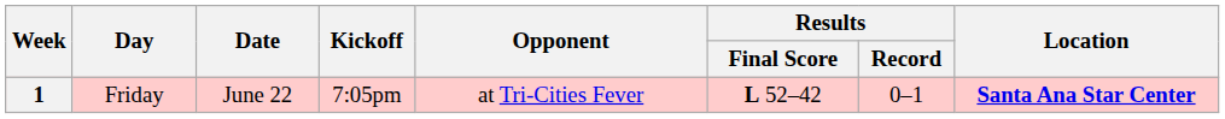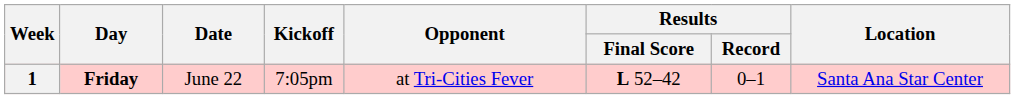 <table class="wikitable">
 <tr>
 <th rowspan="2" width="40">Week</th>
 <th rowspan="2" width="80">Day</th>
 <th rowspan="2" width="80">Date</th>
 <th rowspan="2" width="60">Kickoff</th>
 <th rowspan="2" width="200">Opponent</th>
 <th colspan="2" width="160">Results</th>
 <th rowspan="2" width="180">Location</th>
 </tr>
 <tr>
 <th width="100">Final Score</th>
 <th width="60">Record</th>
 </tr>
 <tr align="center" bgcolor="#FFCCCC">
 <th>1</th>
-<td>Friday</td>
+<td><strong>Friday</strong></td>
 <td>June 22</td>
 <td>7:05pm</td>
 <td>at <a href='#'>Tri-Cities Fever</a></td>
 <td><strong>L</strong> 52–42</td>
 <td>0–1</td>
-<td><strong><a href='#'>Santa Ana Star Center</a></strong></td>
+<td><a href='#'>Santa Ana Star Center</a></td>
 </tr>
 </table>
